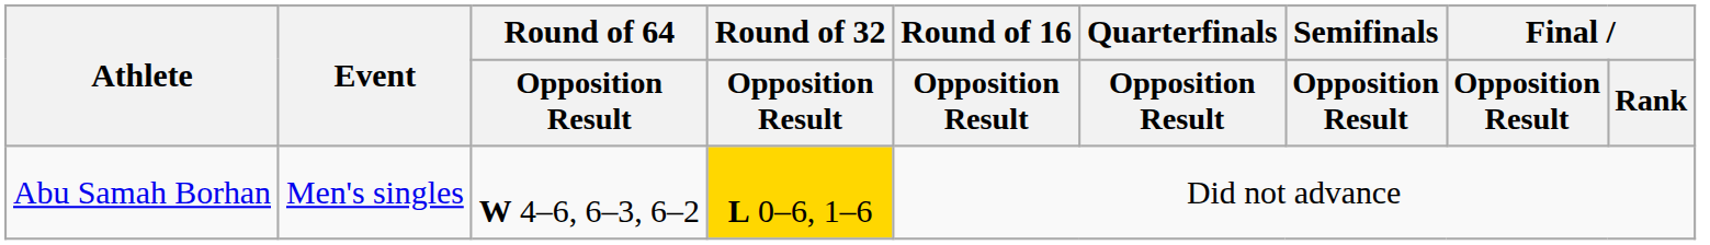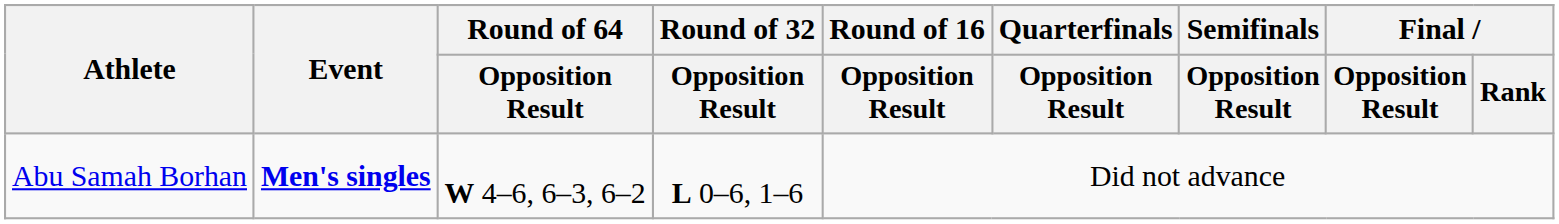 <table class="wikitable" style="font-size:90%;">
 <tr>
 <th rowspan=2>Athlete</th>
 <th rowspan=2>Event</th>
 <th>Round of 64</th>
 <th>Round of 32</th>
 <th>Round of 16</th>
 <th>Quarterfinals</th>
 <th>Semifinals</th>
 <th colspan=2>Final / </th>
 </tr>
 <tr style="font-size:95%">
 <th>Opposition<br>Result</th>
 <th>Opposition<br>Result</th>
 <th>Opposition<br>Result</th>
 <th>Opposition<br>Result</th>
 <th>Opposition<br>Result</th>
 <th>Opposition<br>Result</th>
 <th>Rank</th>
 </tr>
 <tr align=center>
 <td align=left><a href='#'>Abu Samah Borhan</a></td>
-<td align=left><a href='#'>Men's singles</a></td>
+<td align=left><strong><a href='#'>Men's singles</a></strong></td>
 <td align="center"><br><strong>W</strong> 4–6, 6–3, 6–2</td>
-<td style="background: gold;"><br><strong>L</strong> 0–6, 1–6</td>
+<td><br><strong>L</strong> 0–6, 1–6</td>
 <td align="center" colspan="5">Did not advance</td>
 </tr>
 </table>
